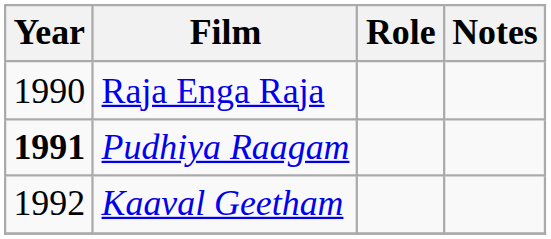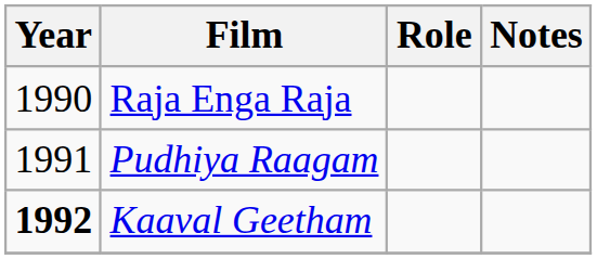 <table class="wikitable sortable">
 <tr>
 <th>Year</th>
 <th>Film</th>
 <th>Role</th>
 <th>Notes</th>
 </tr>
 <tr>
 <td>1990</td>
 <td><a href='#'>Raja Enga Raja</a></td>
 <td></td>
 <td></td>
 </tr>
 <tr>
-<td><strong>1991</strong></td>
+<td>1991</td>
 <td><em><a href='#'>Pudhiya Raagam</a></em></td>
 <td></td>
 <td></td>
 </tr>
 <tr>
-<td>1992</td>
+<td><strong>1992</strong></td>
 <td><em><a href='#'>Kaaval Geetham</a></em></td>
 <td></td>
 <td></td>
 </tr>
 <tr>
 </tr>
 </table>
